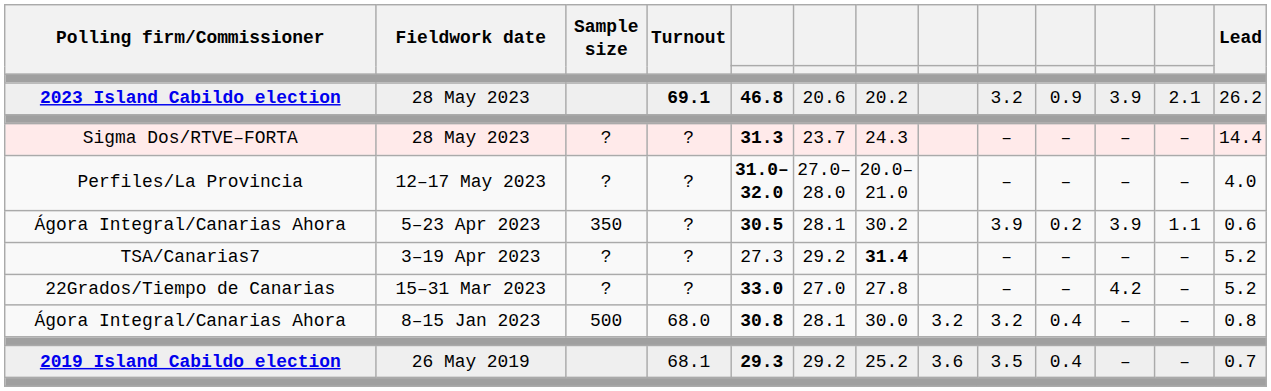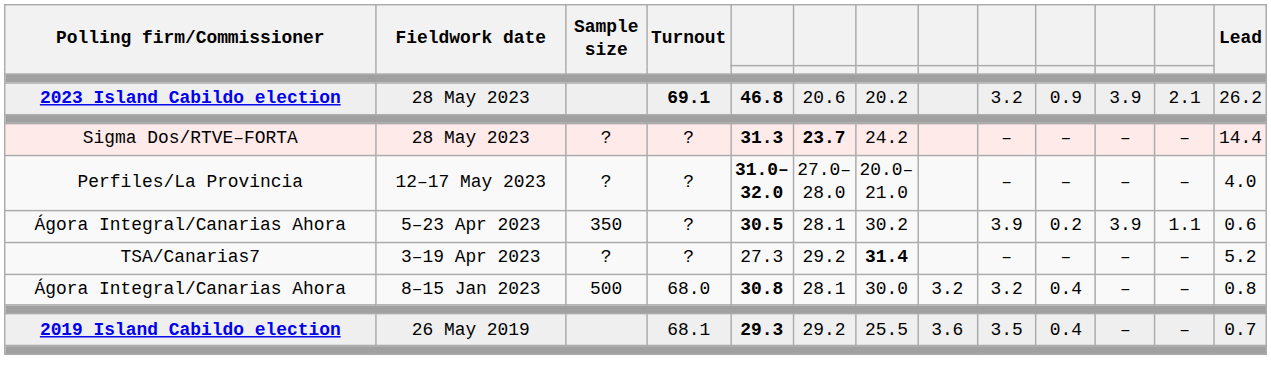 <table class="wikitable collapsible collapsed" style="text-align:center; font-size:95%; line-height:16px;">
 <tr style="height:42px;">
 <th style="width:250px;" rowspan="2">Polling firm/Commissioner</th>
 <th style="width:125px;" rowspan="2">Fieldwork date</th>
 <th style="width:50px;" rowspan="2">Sample size</th>
 <th style="width:45px;" rowspan="2">Turnout</th>
 <th style="width:35px;"></th>
 <th style="width:35px;"></th>
 <th style="width:35px;"></th>
 <th style="width:35px;"></th>
 <th style="width:35px;"></th>
 <th style="width:35px;"></th>
 <th style="width:35px;"></th>
 <th style="width:35px;"></th>
 <th style="width:30px;" rowspan="2">Lead</th>
 </tr>
 <tr>
 <th style="color:inherit;background:"></th>
 <th style="color:inherit;background:"></th>
 <th style="color:inherit;background:"></th>
 <th style="color:inherit;background:"></th>
 <th style="color:inherit;background:"></th>
 <th style="color:inherit;background:"></th>
 <th style="color:inherit;background:"></th>
 <th style="color:inherit;background:"></th>
 </tr>
 <tr>
 <td colspan="13" style="background:#A0A0A0"></td>
 </tr>
 <tr style="background:#EFEFEF;">
 <td><strong><a href='#'>2023 Island Cabildo election</a></strong></td>
 <td>28 May 2023</td>
 <td></td>
 <td><strong>69.1</strong></td>
 <td><strong>46.8</strong><br></td>
 <td>20.6<br></td>
 <td>20.2<br></td>
 <td></td>
 <td>3.2<br></td>
 <td>0.9<br></td>
 <td>3.9<br></td>
 <td>2.1<br></td>
 <td style="background:">26.2</td>
 </tr>
 <tr>
 <td colspan="13" style="background:#A0A0A0"></td>
 </tr>
 <tr style="background:#FFEAEA;">
 <td>Sigma Dos/RTVE–FORTA</td>
 <td>28 May 2023</td>
 <td>?</td>
 <td>?</td>
 <td><strong>31.3</strong><br></td>
-<td>23.7<br></td>
-<td>24.3<br></td>
+<td><strong>23.7<br></strong></td>
+<td>24.2<br></td>
 <td></td>
 <td>–</td>
 <td>–</td>
 <td>–</td>
 <td>–</td>
 <td style="background:">14.4</td>
 </tr>
 <tr>
 <td>Perfiles/La Provincia</td>
 <td>12–17 May 2023</td>
 <td>?</td>
 <td>?</td>
 <td><strong>31.0–<br>32.0</strong><br></td>
 <td>27.0–<br>28.0<br></td>
 <td>20.0–<br>21.0<br></td>
 <td></td>
 <td>–</td>
 <td>–</td>
 <td>–</td>
 <td>–</td>
 <td style="background:">4.0</td>
 </tr>
 <tr>
 <td>Ágora Integral/Canarias Ahora</td>
 <td>5–23 Apr 2023</td>
 <td>350</td>
 <td>?</td>
 <td><strong>30.5</strong><br></td>
 <td>28.1<br></td>
 <td>30.2<br></td>
 <td></td>
 <td>3.9<br></td>
 <td>0.2<br></td>
 <td>3.9<br></td>
 <td>1.1<br></td>
 <td style="background:">0.6</td>
 </tr>
 <tr>
 <td>TSA/Canarias7</td>
 <td>3–19 Apr 2023</td>
 <td>?</td>
 <td>?</td>
 <td>27.3<br></td>
 <td>29.2<br></td>
 <td><strong>31.4</strong><br></td>
 <td></td>
 <td>–</td>
 <td>–</td>
 <td>–</td>
 <td>–</td>
 <td style="background:">5.2</td>
 </tr>
 <tr>
-<td>22Grados/Tiempo de Canarias</td>
-<td>15–31 Mar 2023</td>
-<td>?</td>
-<td>?</td>
-<td><strong>33.0</strong><br></td>
-<td>27.0<br></td>
-<td>27.8<br></td>
-<td></td>
-<td>–</td>
-<td>–</td>
-<td>4.2<br></td>
-<td>–</td>
-<td style="background:">5.2</td>
-</tr>
-<tr>
 <td>Ágora Integral/Canarias Ahora</td>
 <td>8–15 Jan 2023</td>
 <td>500</td>
 <td>68.0</td>
 <td><strong>30.8</strong><br></td>
 <td>28.1<br></td>
 <td>30.0<br></td>
 <td>3.2<br></td>
 <td>3.2<br></td>
 <td>0.4<br></td>
 <td>–</td>
 <td>–</td>
 <td style="background:">0.8</td>
 </tr>
 <tr>
 <td colspan="13" style="background:#A0A0A0"></td>
 </tr>
 <tr style="background:#EFEFEF;">
 <td><strong><a href='#'>2019 Island Cabildo election</a></strong></td>
 <td>26 May 2019</td>
 <td></td>
 <td>68.1</td>
 <td><strong>29.3</strong><br></td>
 <td>29.2<br></td>
-<td>25.2<br></td>
+<td>25.5<br></td>
 <td>3.6<br></td>
 <td>3.5<br></td>
 <td>0.4<br></td>
 <td>–</td>
 <td>–</td>
 <td style="background:">0.7</td>
 </tr>
 <tr>
 <td colspan="13" style="background:#A0A0A0"></td>
 </tr>
 </table>
